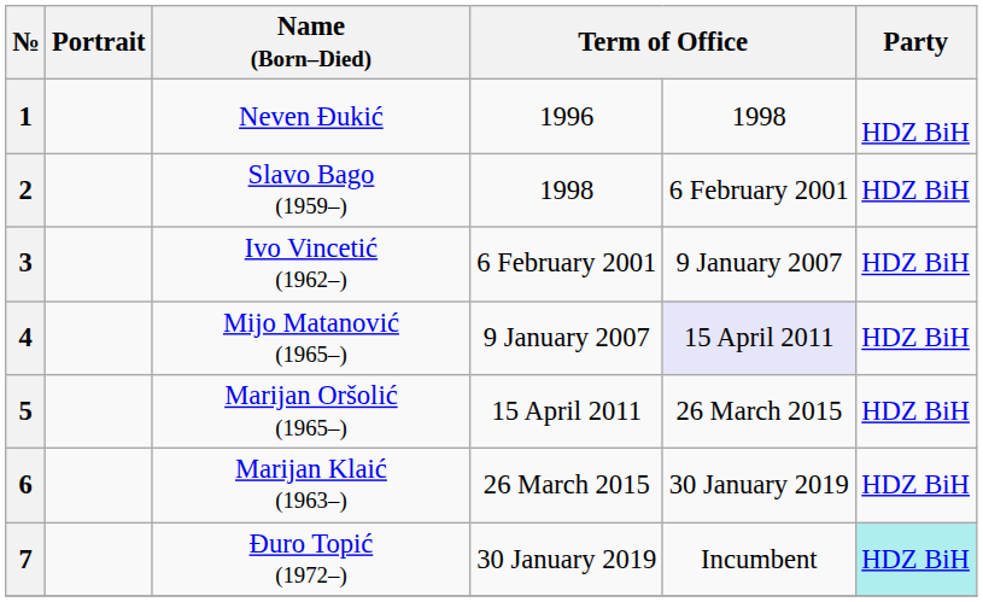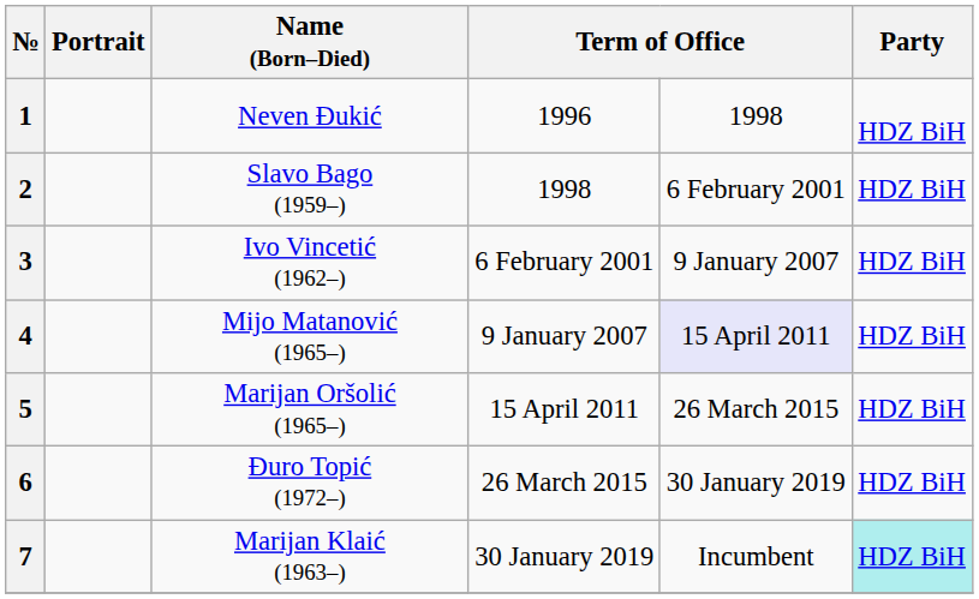 <table class="wikitable" style="text-align:center">
 <tr ->
 <th>№</th>
 <th>Portrait</th>
 <th width=180>Name<br><small>(Born–Died)</small></th>
 <th colspan=2>Term of Office</th>
 <th>Party</th>
 </tr>
 <tr ->
 <th style="background:">1</th>
 <td></td>
 <td><a href='#'>Neven Đukić</a></td>
 <td>1996</td>
 <td>1998</td>
 <td><br><a href='#'>HDZ BiH</a></td>
 </tr>
 <tr ->
 <th style="background:">2</th>
 <td></td>
 <td><a href='#'>Slavo Bago</a><br><small>(1959–)</small></td>
 <td>1998</td>
 <td>6 February 2001</td>
 <td><a href='#'>HDZ BiH</a></td>
 </tr>
 <tr ->
 <th style="background:">3</th>
 <td></td>
 <td><a href='#'>Ivo Vincetić</a><br><small>(1962–)</small></td>
 <td>6 February 2001</td>
 <td>9 January 2007</td>
 <td><a href='#'>HDZ BiH</a></td>
 </tr>
 <tr ->
 <th style="background:">4</th>
 <td></td>
 <td><a href='#'>Mijo Matanović</a><br><small>(1965–)</small></td>
 <td>9 January 2007</td>
 <td style="background: lavender;">15 April 2011</td>
 <td><a href='#'>HDZ BiH</a></td>
 </tr>
 <tr ->
 <th style="background:">5</th>
 <td></td>
 <td><a href='#'>Marijan Oršolić</a><br><small>(1965–)</small></td>
 <td>15 April 2011</td>
 <td>26 March 2015</td>
 <td><a href='#'>HDZ BiH</a></td>
 </tr>
 <tr ->
 <th style="background:">6</th>
 <td></td>
-<td><a href='#'>Marijan Klaić</a><br><small>(1963–)</small></td>
+<td><a href='#'>Đuro Topić</a><br><small>(1972–)</small></td>
 <td>26 March 2015</td>
 <td>30 January 2019</td>
 <td><a href='#'>HDZ BiH</a></td>
 </tr>
 <tr ->
 <th style="background:">7</th>
 <td></td>
-<td><a href='#'>Đuro Topić</a><br><small>(1972–)</small></td>
+<td><a href='#'>Marijan Klaić</a><br><small>(1963–)</small></td>
 <td>30 January 2019</td>
 <td>Incumbent</td>
 <td style="background: paleturquoise;"><a href='#'>HDZ BiH</a></td>
 </tr>
 <tr ->
 </tr>
 </table>
